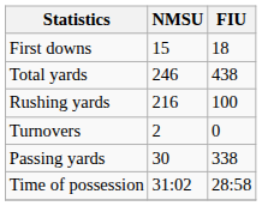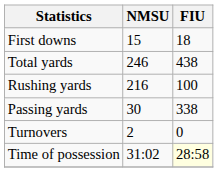 <table class="wikitable" style="float: left;">
 <tr>
 <th>Statistics</th>
 <th>NMSU</th>
 <th>FIU</th>
 </tr>
 <tr>
 <td>First downs</td>
 <td>15</td>
 <td>18</td>
 </tr>
 <tr>
 <td>Total yards</td>
 <td>246</td>
 <td>438</td>
 </tr>
 <tr>
 <td>Rushing yards</td>
 <td>216</td>
 <td>100</td>
 </tr>
 <tr>
+<td>Passing yards</td>
+<td>30</td>
+<td>338</td>
+</tr>
+<tr>
 <td>Turnovers</td>
 <td>2</td>
 <td>0</td>
 </tr>
 <tr>
-<td>Passing yards</td>
-<td>30</td>
-<td>338</td>
-</tr>
-<tr>
 <td>Time of possession</td>
 <td>31:02</td>
-<td>28:58</td>
+<td style="background: lightyellow;">28:58</td>
 </tr>
 <tr>
 </tr>
 </table>
